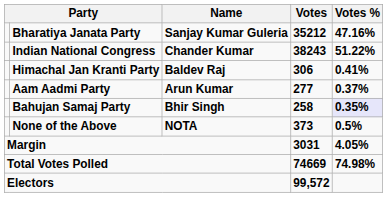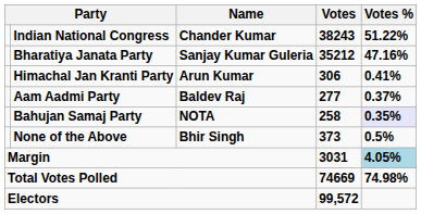 <table class="wikitable sortable">
 <tr>
 <th colspan="2" rowspan="1"><strong>Party</strong></th>
 <th colspan="1" rowspan="1"><strong>Name</strong></th>
 <th colspan="1" rowspan="1"><strong>Votes</strong></th>
 <th colspan="1" rowspan="1"><strong>Votes %</strong></th>
+</tr>
+<tr>
+<td></td>
+<td><strong>Indian National Congress</strong></td>
+<td><strong>Chander Kumar</strong></td>
+<td><strong>38243</strong></td>
+<td><strong>51.22%</strong></td>
 </tr>
 <tr>
 <td></td>
 <td><strong>Bharatiya Janata Party</strong></td>
 <td><strong>Sanjay Kumar Guleria</strong></td>
 <td><strong>35212</strong></td>
 <td><strong>47.16%</strong></td>
 </tr>
 <tr>
 <td></td>
-<td><strong>Indian National Congress</strong></td>
-<td><strong>Chander Kumar</strong></td>
-<td><strong>38243</strong></td>
-<td><strong>51.22%</strong></td>
-</tr>
-<tr>
-<td></td>
 <td><strong>Himachal Jan Kranti Party</strong></td>
-<td><strong>Baldev Raj</strong></td>
+<td><strong>Arun Kumar</strong></td>
 <td><strong>306</strong></td>
 <td><strong>0.41%</strong></td>
 </tr>
 <tr>
 <td></td>
 <td><strong>Aam Aadmi Party</strong></td>
-<td><strong>Arun Kumar</strong></td>
+<td><strong>Baldev Raj</strong></td>
 <td><strong>277</strong></td>
 <td><strong>0.37%</strong></td>
 </tr>
 <tr>
 <td></td>
 <td><strong>Bahujan Samaj Party</strong></td>
-<td><strong>Bhir Singh</strong></td>
+<td><strong>NOTA</strong></td>
 <td><strong>258</strong></td>
 <td style="background: lavender;"><strong>0.35%</strong></td>
 </tr>
 <tr>
 <td></td>
 <td><strong>None of the Above</strong></td>
-<td><strong>NOTA</strong></td>
+<td><strong>Bhir Singh</strong></td>
 <td><strong>373</strong></td>
 <td><strong>0.5%</strong></td>
 </tr>
 <tr>
 <td colspan="3"><strong>Margin</strong></td>
 <td><strong>3031</strong></td>
-<td><strong>4.05%</strong></td>
+<td style="background: lightblue;"><strong>4.05%</strong></td>
 </tr>
 <tr>
 <td colspan="3"><strong>Total Votes Polled</strong></td>
 <td><strong>74669</strong></td>
 <td><strong>74.98%</strong></td>
 </tr>
 <tr>
 <td colspan="3"><strong>Electors</strong></td>
 <td><strong>99,572</strong></td>
 <td></td>
 </tr>
 </table>
